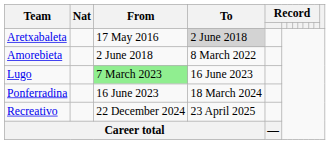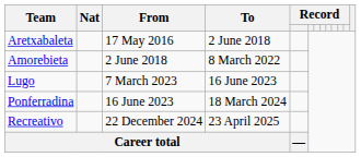 <table class="wikitable" style="text-align: center">
 <tr>
 <th rowspan="2">Team</th>
 <th rowspan="2">Nat</th>
 <th rowspan="2">From</th>
 <th rowspan="2">To</th>
 <th colspan="8">Record</th>
 <th rowspan=2></th>
 </tr>
 <tr>
 <th></th>
 <th></th>
 <th></th>
 <th></th>
 <th></th>
 <th></th>
 <th></th>
 <th></th>
 </tr>
 <tr>
 <td align="left"><a href='#'>Aretxabaleta</a></td>
 <td></td>
 <td align=left>17 May 2016</td>
-<td align=left style="background: lightgrey;">2 June 2018<br></td>
+<td align=left>2 June 2018<br></td>
 <td></td>
 </tr>
 <tr>
 <td align="left"><a href='#'>Amorebieta</a></td>
 <td></td>
 <td align=left>2 June 2018</td>
 <td align=left>8 March 2022<br></td>
 <td></td>
 </tr>
 <tr>
 <td align="left"><a href='#'>Lugo</a></td>
 <td></td>
-<td align=left style="background: lightgreen;">7 March 2023</td>
+<td align=left>7 March 2023</td>
 <td align=left>16 June 2023<br></td>
 <td></td>
 </tr>
 <tr>
 <td align="left"><a href='#'>Ponferradina</a></td>
 <td></td>
 <td align=left>16 June 2023</td>
 <td align=left>18 March 2024<br></td>
 <td></td>
 </tr>
 <tr>
 <td align="left"><a href='#'>Recreativo</a></td>
 <td></td>
 <td align=left>22 December 2024</td>
 <td align=left>23 April 2025<br></td>
 <td></td>
 </tr>
 <tr>
 <th colspan=4>Career total<br></th>
 <th>—</th>
 </tr>
 </table>
